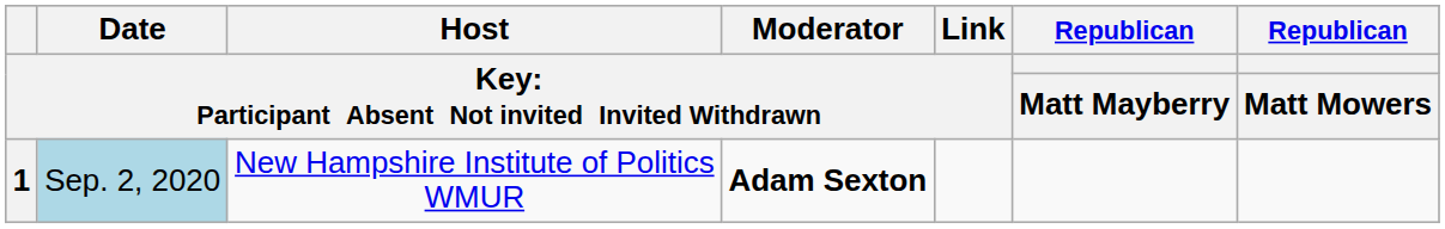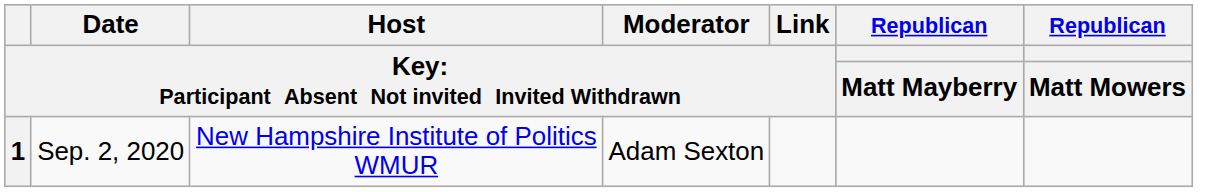 <table class="wikitable" style="text-align:center;">
 <tr>
 <th scope="col"></th>
 <th scope="col">Date</th>
 <th scope="col">Host</th>
 <th scope="col">Moderator</th>
 <th scope="col">Link</th>
 <th scope="col"><small><a href='#'>Republican</a></small></th>
 <th scope="col"><small><a href='#'>Republican</a></small></th>
 </tr>
 <tr>
 <th colspan="5" rowspan="2">Key:<br> <small>Participant </small>  <small>Absent </small>  <small>Not invited </small>  <small>Invited  Withdrawn</small></th>
 <th scope="col" style="background:"></th>
 <th scope="col" style="background:"></th>
 </tr>
 <tr>
 <th scope="col">Matt Mayberry</th>
 <th scope="col">Matt Mowers</th>
 </tr>
 <tr>
 <th>1</th>
-<td style="background: lightblue; white-space:nowrap;">Sep. 2, 2020</td>
+<td style="white-space:nowrap;">Sep. 2, 2020</td>
 <td style="white-space:nowrap;"><a href='#'>New Hampshire Institute of Politics</a><br><a href='#'>WMUR</a></td>
-<td style="white-space:nowrap;"><strong>Adam Sexton</strong></td>
+<td style="white-space:nowrap;">Adam Sexton</td>
 <td style="white-space:nowrap;"></td>
 <td></td>
 <td></td>
 </tr>
 </table>
